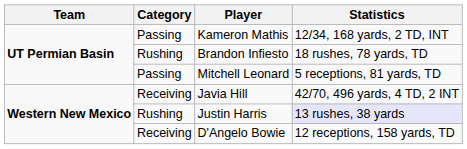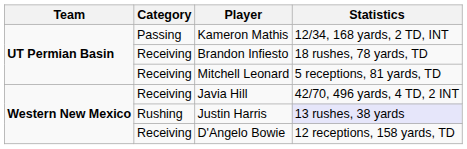 <table class="wikitable" style="float: left;">
 <tr>
 <th>Team</th>
 <th>Category</th>
 <th>Player</th>
 <th>Statistics</th>
 </tr>
 <tr>
 <td rowspan=3><strong>UT Permian Basin</strong></td>
 <td>Passing</td>
 <td>Kameron Mathis</td>
 <td>12/34, 168 yards, 2 TD, INT</td>
 </tr>
 <tr>
-<td>Rushing</td>
+<td>Receiving</td>
 <td>Brandon Infiesto</td>
 <td>18 rushes, 78 yards, TD</td>
 </tr>
 <tr>
-<td>Passing</td>
+<td>Receiving</td>
 <td>Mitchell Leonard</td>
 <td>5 receptions, 81 yards, TD</td>
 </tr>
 <tr>
 <td rowspan=3><strong>Western New Mexico</strong></td>
 <td>Receiving</td>
 <td>Javia Hill</td>
 <td>42/70, 496 yards, 4 TD, 2 INT</td>
 </tr>
 <tr>
 <td>Rushing</td>
 <td>Justin Harris</td>
 <td style="background: lavender;">13 rushes, 38 yards</td>
 </tr>
 <tr>
 <td>Receiving</td>
 <td>D'Angelo Bowie</td>
 <td>12 receptions, 158 yards, TD</td>
 </tr>
 </table>
